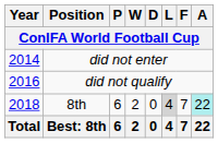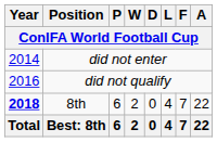 <table class="wikitable" style="text-align: center;">
 <tr>
 <th>Year</th>
 <th>Position</th>
 <th>P</th>
 <th>W</th>
 <th>D</th>
 <th>L</th>
 <th>F</th>
 <th>A</th>
 </tr>
 <tr>
 <th colspan=8><a href='#'>ConIFA World Football Cup</a></th>
 </tr>
 <tr>
 <td> <a href='#'>2014</a></td>
 <td colspan=7><em>did not enter</em></td>
 </tr>
 <tr>
 <td> <a href='#'>2016</a></td>
 <td colspan=7><em>did not qualify</em></td>
 </tr>
 <tr>
-<td> <a href='#'>2018</a></td>
+<td><strong> <a href='#'>2018</a></strong></td>
 <td>8th</td>
 <td>6</td>
 <td>2</td>
 <td>0</td>
-<td style="background: lightgrey;">4</td>
+<td>4</td>
 <td>7</td>
-<td style="background: paleturquoise;">22</td>
+<td>22</td>
 </tr>
 <tr>
 <th><strong>Total</strong></th>
 <th><strong>Best: 8th</strong></th>
 <th><strong>6</strong></th>
 <th><strong>2</strong></th>
 <th><strong>0</strong></th>
 <th><strong>4</strong></th>
 <th><strong>7</strong></th>
 <th><strong>22</strong></th>
 </tr>
 </table>
